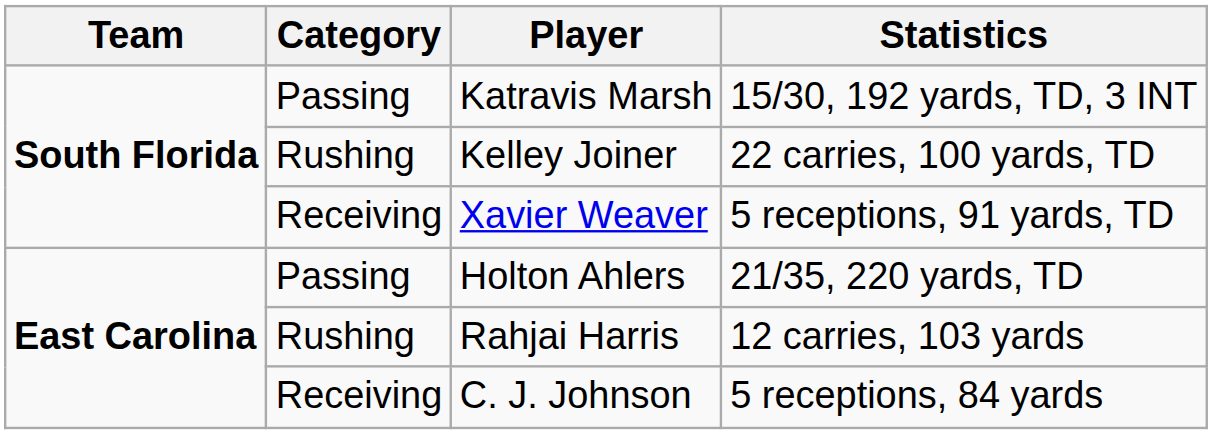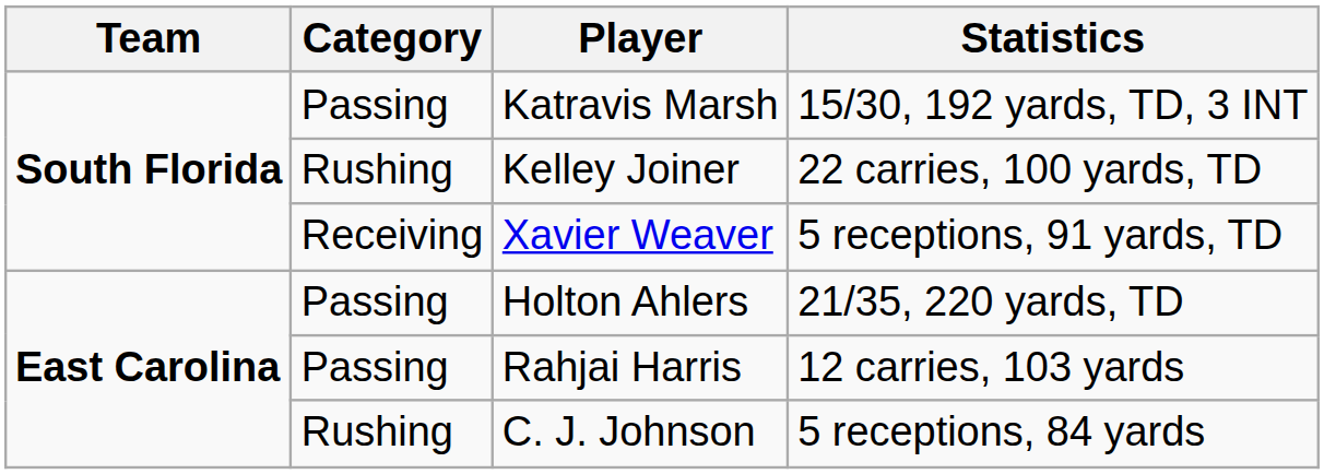 <table class="wikitable" style="float: left;">
 <tr>
 <th>Team</th>
 <th>Category</th>
 <th>Player</th>
 <th>Statistics</th>
 </tr>
 <tr>
 <td rowspan=3><strong>South Florida</strong></td>
 <td>Passing</td>
 <td>Katravis Marsh</td>
 <td>15/30, 192 yards, TD, 3 INT</td>
 </tr>
 <tr>
 <td>Rushing</td>
 <td>Kelley Joiner</td>
 <td>22 carries, 100 yards, TD</td>
 </tr>
 <tr>
 <td>Receiving</td>
 <td><a href='#'>Xavier Weaver</a></td>
 <td>5 receptions, 91 yards, TD</td>
 </tr>
 <tr>
 <td rowspan=3><strong>East Carolina</strong></td>
 <td>Passing</td>
 <td>Holton Ahlers</td>
 <td>21/35, 220 yards, TD</td>
 </tr>
 <tr>
-<td>Rushing</td>
+<td>Passing</td>
 <td>Rahjai Harris</td>
 <td>12 carries, 103 yards</td>
 </tr>
 <tr>
-<td>Receiving</td>
+<td>Rushing</td>
 <td>C. J. Johnson</td>
 <td>5 receptions, 84 yards</td>
 </tr>
 </table>
